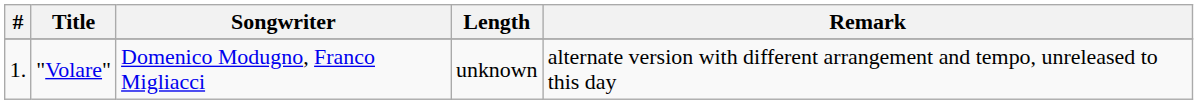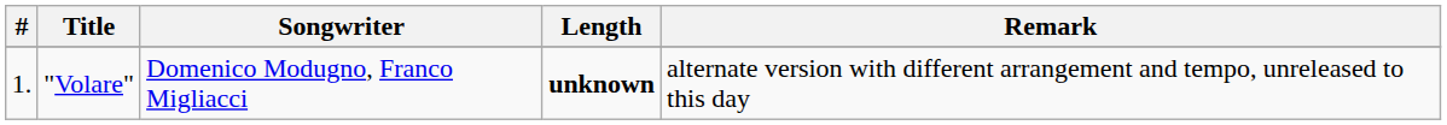 <table class="wikitable">
 <tr>
 <th>#</th>
 <th>Title</th>
 <th>Songwriter</th>
 <th>Length</th>
 <th>Remark</th>
 </tr>
 <tr bgcolor="#ebf5ff">
 </tr>
 <tr>
 <td>1.</td>
 <td>"<a href='#'>Volare</a>"</td>
 <td><a href='#'>Domenico Modugno</a>, <a href='#'>Franco Migliacci</a></td>
-<td>unknown</td>
+<td><strong>unknown</strong></td>
 <td>alternate version with different arrangement and tempo, unreleased to this day</td>
 </tr>
 </table>
